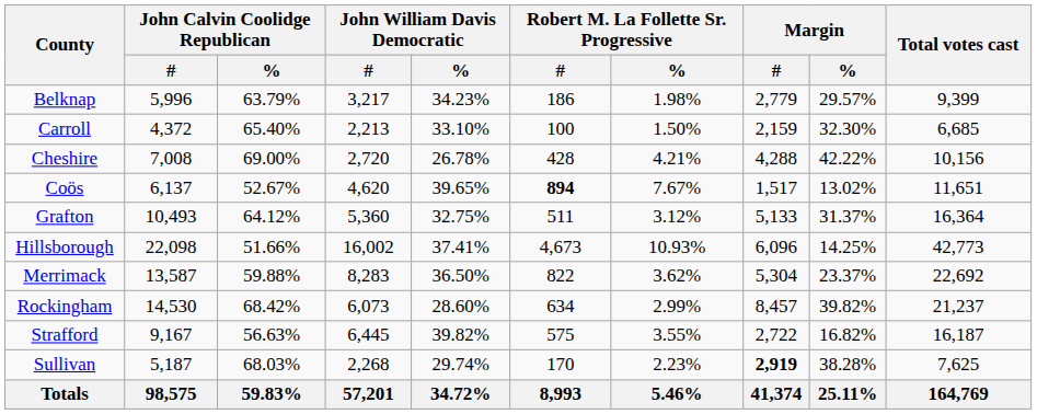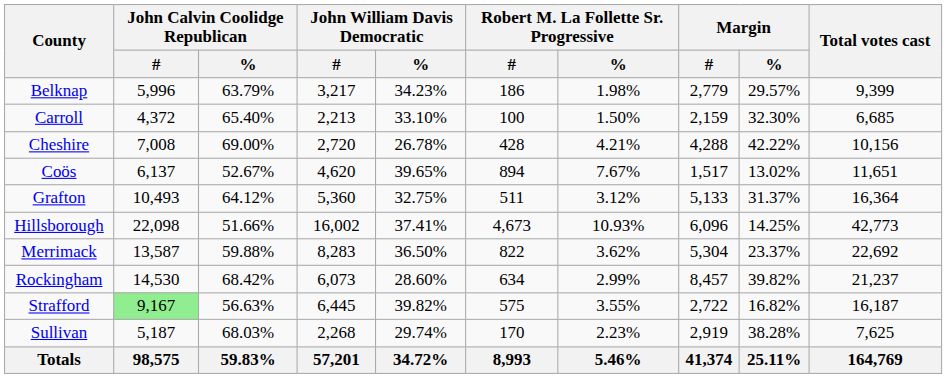 <table width="70%" class="wikitable sortable">
 <tr>
 <th rowspan="2">County</th>
 <th colspan="2">John Calvin Coolidge<br>Republican</th>
 <th colspan="2">John William Davis<br>Democratic</th>
 <th colspan="2">Robert M. La Follette Sr.<br>Progressive</th>
 <th colspan="2">Margin</th>
 <th rowspan="2">Total votes cast</th>
 </tr>
 <tr bgcolor="lightgrey">
 <th>#</th>
 <th>%</th>
 <th>#</th>
 <th>%</th>
 <th>#</th>
 <th>%</th>
 <th>#</th>
 <th>%</th>
 </tr>
 <tr style="text-align:center;">
 <td><a href='#'>Belknap</a></td>
 <td>5,996</td>
 <td>63.79%</td>
 <td>3,217</td>
 <td>34.23%</td>
 <td>186</td>
 <td>1.98%</td>
 <td>2,779</td>
 <td>29.57%</td>
 <td>9,399</td>
 </tr>
 <tr style="text-align:center;">
 <td><a href='#'>Carroll</a></td>
 <td>4,372</td>
 <td>65.40%</td>
 <td>2,213</td>
 <td>33.10%</td>
 <td>100</td>
 <td>1.50%</td>
 <td>2,159</td>
 <td>32.30%</td>
 <td>6,685</td>
 </tr>
 <tr style="text-align:center;">
 <td><a href='#'>Cheshire</a></td>
 <td>7,008</td>
 <td>69.00%</td>
 <td>2,720</td>
 <td>26.78%</td>
 <td>428</td>
 <td>4.21%</td>
 <td>4,288</td>
 <td>42.22%</td>
 <td>10,156</td>
 </tr>
 <tr style="text-align:center;">
 <td><a href='#'>Coös</a></td>
 <td>6,137</td>
 <td>52.67%</td>
 <td>4,620</td>
 <td>39.65%</td>
-<td><strong>894</strong></td>
+<td>894</td>
 <td>7.67%</td>
 <td>1,517</td>
 <td>13.02%</td>
 <td>11,651</td>
 </tr>
 <tr style="text-align:center;">
 <td><a href='#'>Grafton</a></td>
 <td>10,493</td>
 <td>64.12%</td>
 <td>5,360</td>
 <td>32.75%</td>
 <td>511</td>
 <td>3.12%</td>
 <td>5,133</td>
 <td>31.37%</td>
 <td>16,364</td>
 </tr>
 <tr style="text-align:center;">
 <td><a href='#'>Hillsborough</a></td>
 <td>22,098</td>
 <td>51.66%</td>
 <td>16,002</td>
 <td>37.41%</td>
 <td>4,673</td>
 <td>10.93%</td>
 <td>6,096</td>
 <td>14.25%</td>
 <td>42,773</td>
 </tr>
 <tr style="text-align:center;">
 <td><a href='#'>Merrimack</a></td>
 <td>13,587</td>
 <td>59.88%</td>
 <td>8,283</td>
 <td>36.50%</td>
 <td>822</td>
 <td>3.62%</td>
 <td>5,304</td>
 <td>23.37%</td>
 <td>22,692</td>
 </tr>
 <tr style="text-align:center;">
 <td><a href='#'>Rockingham</a></td>
 <td>14,530</td>
 <td>68.42%</td>
 <td>6,073</td>
 <td>28.60%</td>
 <td>634</td>
 <td>2.99%</td>
 <td>8,457</td>
 <td>39.82%</td>
 <td>21,237</td>
 </tr>
 <tr style="text-align:center;">
 <td><a href='#'>Strafford</a></td>
-<td>9,167</td>
+<td style="background: lightgreen;">9,167</td>
 <td>56.63%</td>
 <td>6,445</td>
 <td>39.82%</td>
 <td>575</td>
 <td>3.55%</td>
 <td>2,722</td>
 <td>16.82%</td>
 <td>16,187</td>
 </tr>
 <tr style="text-align:center;">
 <td><a href='#'>Sullivan</a></td>
 <td>5,187</td>
 <td>68.03%</td>
 <td>2,268</td>
 <td>29.74%</td>
 <td>170</td>
 <td>2.23%</td>
-<td><strong>2,919</strong></td>
+<td>2,919</td>
 <td>38.28%</td>
 <td>7,625</td>
 </tr>
 <tr>
 <th>Totals</th>
 <th>98,575</th>
 <th>59.83%</th>
 <th>57,201</th>
 <th>34.72%</th>
 <th>8,993</th>
 <th>5.46%</th>
 <th>41,374</th>
 <th>25.11%</th>
 <th>164,769</th>
 </tr>
 </table>
